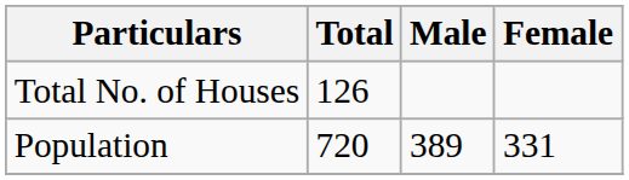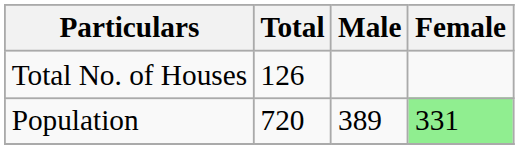 <table class="wikitable sortable">
 <tr>
 <th>Particulars</th>
 <th>Total</th>
 <th>Male</th>
 <th>Female</th>
 </tr>
 <tr>
 <td>Total No. of Houses</td>
 <td>126</td>
 <td></td>
 <td></td>
 </tr>
 <tr>
 <td>Population</td>
 <td>720</td>
 <td>389</td>
-<td>331</td>
+<td style="background: lightgreen;">331</td>
 </tr>
 <tr>
 </tr>
 </table>
